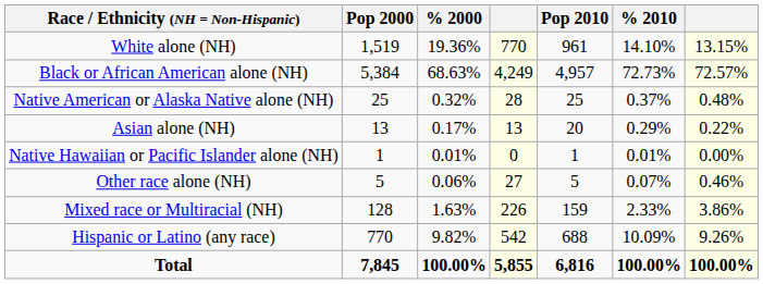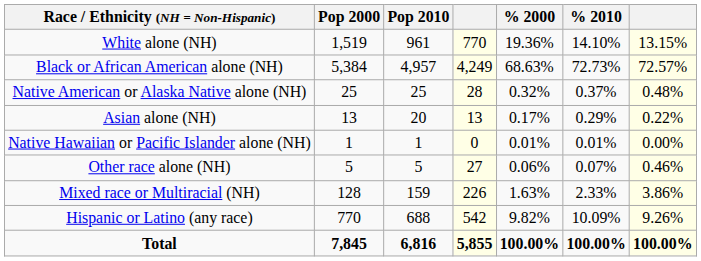 <table class="wikitable" style="text-align:center;">
 <tr>
 <th>Race / Ethnicity <small>(<em>NH = Non-Hispanic</em>)</small></th>
 <th>Pop 2000</th>
+<th>Pop 2010</th>
+<th></th>
 <th>% 2000</th>
-<th></th>
-<th>Pop 2010</th>
 <th>% 2010</th>
 <th></th>
 </tr>
 <tr>
 <td><a href='#'>White</a> alone (NH)</td>
 <td>1,519</td>
+<td>961</td>
+<td style='background: #ffffe6;'>770</td>
 <td>19.36%</td>
-<td style='background: #ffffe6;'>770</td>
-<td>961</td>
 <td>14.10%</td>
 <td style='background: #ffffe6;'>13.15%</td>
 </tr>
 <tr>
 <td><a href='#'>Black or African American</a> alone (NH)</td>
 <td>5,384</td>
+<td>4,957</td>
+<td style='background: #ffffe6;'>4,249</td>
 <td>68.63%</td>
-<td style='background: #ffffe6;'>4,249</td>
-<td>4,957</td>
 <td>72.73%</td>
 <td style='background: #ffffe6;'>72.57%</td>
 </tr>
 <tr>
 <td><a href='#'>Native American</a> or <a href='#'>Alaska Native</a> alone (NH)</td>
 <td>25</td>
+<td>25</td>
+<td style='background: #ffffe6;'>28</td>
 <td>0.32%</td>
-<td style='background: #ffffe6;'>28</td>
-<td>25</td>
 <td>0.37%</td>
 <td style='background: #ffffe6;'>0.48%</td>
 </tr>
 <tr>
 <td><a href='#'>Asian</a> alone (NH)</td>
 <td>13</td>
+<td>20</td>
+<td style='background: #ffffe6;'>13</td>
 <td>0.17%</td>
-<td style='background: #ffffe6;'>13</td>
-<td>20</td>
 <td>0.29%</td>
 <td style='background: #ffffe6;'>0.22%</td>
 </tr>
 <tr>
 <td><a href='#'>Native Hawaiian</a> or <a href='#'>Pacific Islander</a> alone (NH)</td>
 <td>1</td>
+<td>1</td>
+<td style='background: #ffffe6;'>0</td>
 <td>0.01%</td>
-<td style='background: #ffffe6;'>0</td>
-<td>1</td>
 <td>0.01%</td>
 <td style='background: #ffffe6;'>0.00%</td>
 </tr>
 <tr>
 <td><a href='#'>Other race</a> alone (NH)</td>
 <td>5</td>
+<td>5</td>
+<td style='background: #ffffe6;'>27</td>
 <td>0.06%</td>
-<td style='background: #ffffe6;'>27</td>
-<td>5</td>
 <td>0.07%</td>
 <td style='background: #ffffe6;'>0.46%</td>
 </tr>
 <tr>
 <td><a href='#'>Mixed race or Multiracial</a> (NH)</td>
 <td>128</td>
+<td>159</td>
+<td style='background: #ffffe6;'>226</td>
 <td>1.63%</td>
-<td style='background: #ffffe6;'>226</td>
-<td>159</td>
 <td>2.33%</td>
 <td style='background: #ffffe6;'>3.86%</td>
 </tr>
 <tr>
 <td><a href='#'>Hispanic or Latino</a> (any race)</td>
 <td>770</td>
+<td>688</td>
+<td style='background: #ffffe6;'>542</td>
 <td>9.82%</td>
-<td style='background: #ffffe6;'>542</td>
-<td>688</td>
 <td>10.09%</td>
 <td style='background: #ffffe6;'>9.26%</td>
 </tr>
 <tr>
 <td><strong>Total</strong></td>
 <td><strong>7,845</strong></td>
+<td><strong>6,816</strong></td>
+<td style='background: #ffffe6;'><strong>5,855</strong></td>
 <td><strong>100.00%</strong></td>
-<td style='background: #ffffe6;'><strong>5,855</strong></td>
-<td><strong>6,816</strong></td>
 <td><strong>100.00%</strong></td>
 <td style='background: #ffffe6;'><strong>100.00%</strong></td>
 </tr>
 </table>
